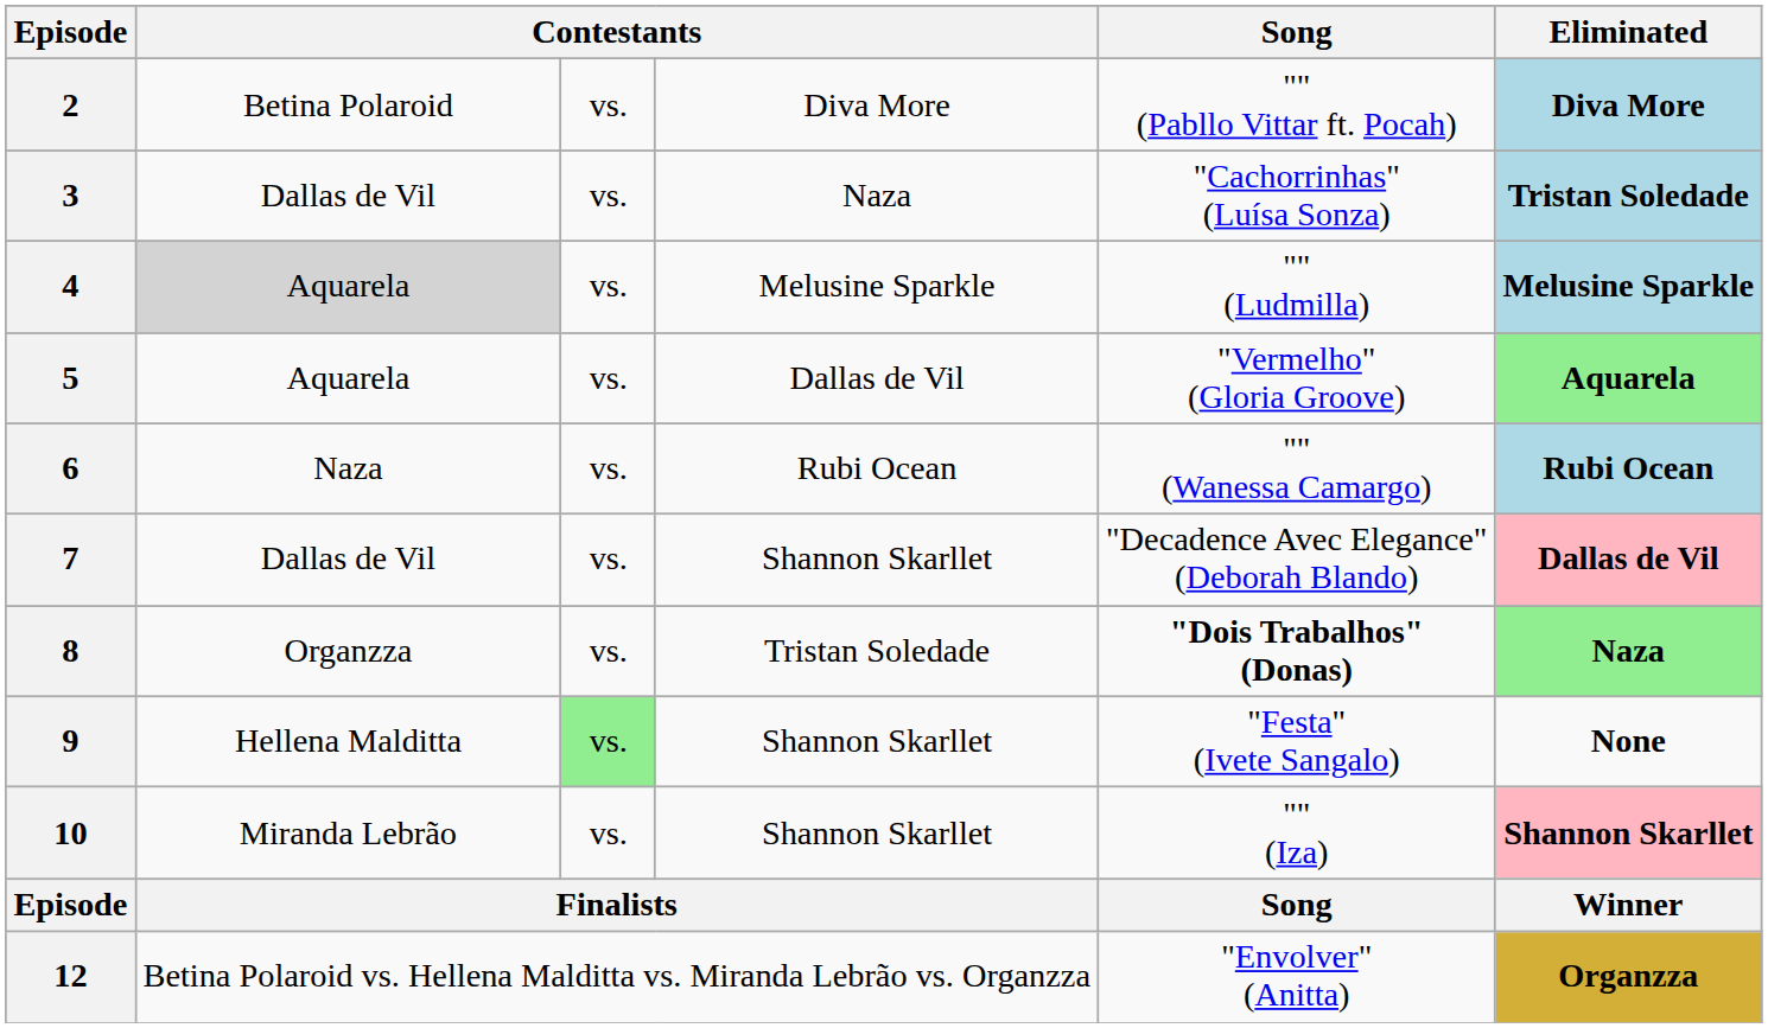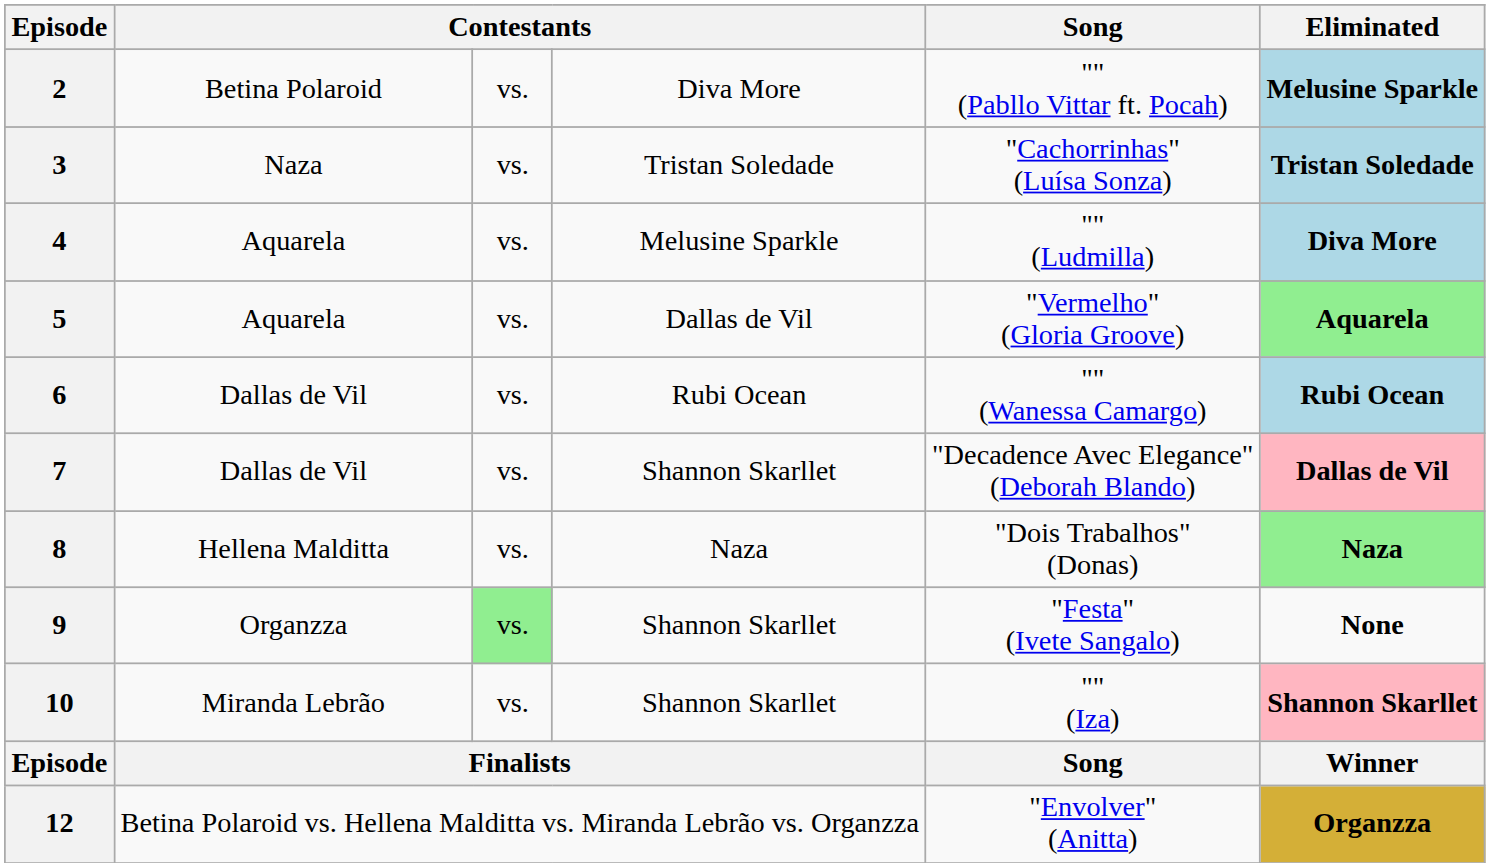 <table class="wikitable" style="text-align:center">
 <tr>
 <th scope="col">Episode</th>
 <th scope="col" colspan="3">Contestants</th>
 <th scope="col">Song</th>
 <th scope="col">Eliminated</th>
 </tr>
 <tr>
 <th scope="row">2</th>
 <td nowrap>Betina Polaroid</td>
 <td>vs.</td>
 <td>Diva More</td>
 <td>""<br>(<a href='#'>Pabllo Vittar</a> ft. <a href='#'>Pocah</a>)</td>
-<td bgcolor="lightblue"><strong>Diva More</strong></td>
+<td bgcolor="lightblue" nowrap><strong>Melusine Sparkle</strong></td>
 </tr>
 <tr>
 <th scope="row">3</th>
-<td>Dallas de Vil</td>
+<td>Naza</td>
 <td>vs.</td>
-<td>Naza</td>
+<td>Tristan Soledade</td>
 <td>"<a href='#'>Cachorrinhas</a>"<br>(<a href='#'>Luísa Sonza</a>)</td>
 <td bgcolor="lightblue"><strong>Tristan Soledade</strong></td>
 </tr>
 <tr>
 <th scope="row">4</th>
-<td style="background: lightgrey;">Aquarela</td>
+<td>Aquarela</td>
 <td>vs.</td>
 <td nowrap>Melusine Sparkle</td>
 <td>""<br>(<a href='#'>Ludmilla</a>)</td>
-<td bgcolor="lightblue" nowrap><strong>Melusine Sparkle</strong></td>
+<td bgcolor="lightblue"><strong>Diva More</strong></td>
 </tr>
 <tr>
 <th scope="row">5</th>
 <td>Aquarela</td>
 <td>vs.</td>
 <td nowrap>Dallas de Vil</td>
 <td>"<a href='#'>Vermelho</a>"<br>(<a href='#'>Gloria Groove</a>)</td>
 <td bgcolor="lightgreen"><strong>Aquarela</strong></td>
 </tr>
 <tr>
 <th scope="row">6</th>
-<td>Naza</td>
+<td>Dallas de Vil</td>
 <td>vs.</td>
 <td>Rubi Ocean</td>
 <td>""<br>(<a href='#'>Wanessa Camargo</a>)</td>
 <td bgcolor="lightblue"><strong>Rubi Ocean</strong></td>
 </tr>
 <tr>
 <th scope="row">7</th>
 <td>Dallas de Vil</td>
 <td>vs.</td>
 <td>Shannon Skarllet</td>
 <td nowrap>"Decadence Avec Elegance"<br>(<a href='#'>Deborah Blando</a>)</td>
 <td bgcolor="lightpink"><strong>Dallas de Vil</strong></td>
 </tr>
 <tr>
 <th scope="row">8</th>
-<td>Organzza</td>
+<td nowrap>Hellena Malditta</td>
 <td>vs.</td>
-<td>Tristan Soledade</td>
-<td><strong>"Dois Trabalhos"<br>(Donas)</strong></td>
+<td>Naza</td>
+<td>"Dois Trabalhos"<br>(Donas)</td>
 <td bgcolor="lightgreen"><strong>Naza</strong></td>
 </tr>
 <tr>
 <th scope="row">9</th>
-<td nowrap>Hellena Malditta</td>
+<td>Organzza</td>
 <td style="background: lightgreen;">vs.</td>
 <td>Shannon Skarllet</td>
 <td>"<a href='#'>Festa</a>"<br>(<a href='#'>Ivete Sangalo</a>)</td>
 <td><strong>None</strong></td>
 </tr>
 <tr>
 <th scope="row">10</th>
 <td>Miranda Lebrão</td>
 <td>vs.</td>
 <td>Shannon Skarllet</td>
 <td>""<br>(<a href='#'>Iza</a>)</td>
 <td bgcolor="lightpink"><strong>Shannon Skarllet</strong></td>
 </tr>
 <tr>
 <th scope="col">Episode</th>
 <th scope="col" colspan="3">Finalists</th>
 <th scope="col">Song</th>
 <th scope="col">Winner</th>
 </tr>
 <tr>
 <th scope="row">12</th>
 <td colspan="3">Betina Polaroid vs. Hellena Malditta vs. Miranda Lebrão vs. Organzza</td>
 <td>"<a href='#'>Envolver</a>"<br>(<a href='#'>Anitta</a>)</td>
 <td bgcolor="#D4AF37"><strong>Organzza</strong></td>
 </tr>
 <tr>
 </tr>
 </table>
